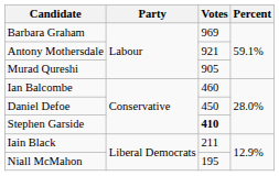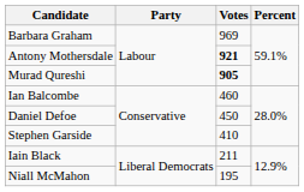 <table class="wikitable">
 <tr>
 <th>Candidate</th>
 <th>Party</th>
 <th>Votes</th>
 <th>Percent</th>
 </tr>
 <tr>
 <td>Barbara Graham</td>
 <td rowspan="3">Labour</td>
 <td>969</td>
 <td rowspan="3">59.1%</td>
 </tr>
 <tr>
 <td>Antony Mothersdale</td>
-<td>921</td>
+<td><strong>921</strong></td>
 </tr>
 <tr>
 <td>Murad Qureshi</td>
-<td>905</td>
+<td><strong>905</strong></td>
 </tr>
 <tr>
 <td>Ian Balcombe</td>
 <td rowspan="3">Conservative</td>
 <td>460</td>
 <td rowspan="3">28.0%</td>
 </tr>
 <tr>
 <td>Daniel Defoe</td>
 <td>450</td>
 </tr>
 <tr>
 <td>Stephen Garside</td>
-<td><strong>410</strong></td>
+<td>410</td>
 </tr>
 <tr>
 <td>Iain Black</td>
 <td rowspan="2">Liberal Democrats</td>
 <td>211</td>
 <td rowspan="2">12.9%</td>
 </tr>
 <tr>
 <td>Niall McMahon</td>
 <td>195</td>
 </tr>
 </table>
